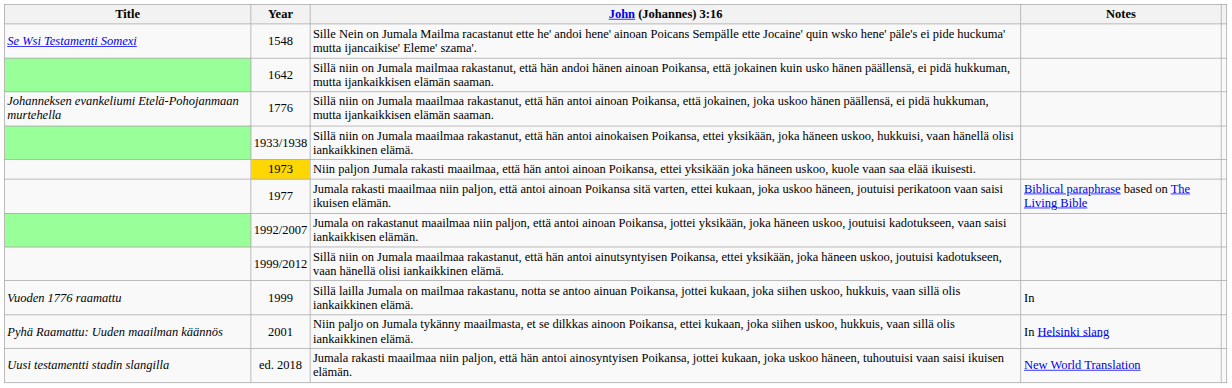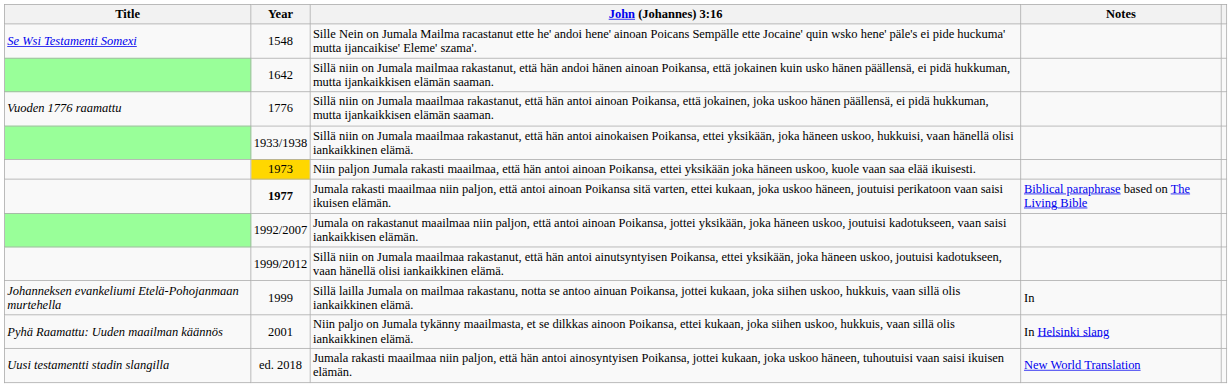 <table class="wikitable">
 <tr>
 <th>Title</th>
 <th align="center">Year</th>
 <th><a href='#'>John</a> (Johannes) 3:16</th>
 <th>Notes</th>
 <th></th>
 </tr>
 <tr>
 <td><em><a href='#'>Se Wsi Testamenti Somexi</a></em></td>
 <td align="center">1548</td>
 <td>Sille Nein on Jumala Mailma racastanut ette he' andoi hene' ainoan Poicans Sempälle ette Jocaine' quin wsko hene' päle's ei pide huckuma' mutta ijancaikise' Eleme' szama'.</td>
 <td></td>
 <td></td>
 </tr>
 <tr>
 <th style="background: #9F9"><em></em></th>
 <td align="center">1642</td>
 <td>Sillä niin on Jumala mailmaa rakastanut, että hän andoi hänen ainoan Poikansa, että jokainen kuin usko hänen päällensä, ei pidä hukkuman, mutta ijankaikkisen elämän saaman.</td>
 <td></td>
 <td></td>
 </tr>
 <tr>
-<td><em>Johanneksen evankeliumi Etelä-Pohojanmaan murtehella</em></td>
+<td><em>Vuoden 1776 raamattu</em></td>
 <td align="center">1776</td>
 <td>Sillä niin on Jumala maailmaa rakastanut, että hän antoi ainoan Poikansa, että jokainen, joka uskoo hänen päällensä, ei pidä hukkuman, mutta ijankaikkisen elämän saaman.</td>
 <td></td>
 <td></td>
 </tr>
 <tr>
 <th style="background: #9F9"><em></em></th>
 <td align="center">1933/1938</td>
 <td>Sillä niin on Jumala maailmaa rakastanut, että hän antoi ainokaisen Poikansa, ettei yksikään, joka häneen uskoo, hukkuisi, vaan hänellä olisi iankaikkinen elämä.</td>
 <td></td>
 <td></td>
 </tr>
 <tr>
 <td><em></em></td>
 <td align="center" style="background: gold;">1973</td>
 <td>Niin paljon Jumala rakasti maailmaa, että hän antoi ainoan Poikansa, ettei yksikään joka häneen uskoo, kuole vaan saa elää ikuisesti.</td>
 <td></td>
 <td></td>
 </tr>
 <tr>
 <td></td>
-<td align="center">1977</td>
+<td align="center"><strong>1977</strong></td>
 <td>Jumala rakasti maailmaa niin paljon, että antoi ainoan Poikansa sitä varten, ettei kukaan, joka uskoo häneen, joutuisi perikatoon vaan saisi ikuisen elämän.</td>
 <td><a href='#'>Biblical paraphrase</a> based on <a href='#'>The Living Bible</a></td>
 <td></td>
 </tr>
 <tr>
 <th style="background: #9F9"><em></em></th>
 <td align="center">1992/2007</td>
 <td>Jumala on rakastanut maailmaa niin paljon, että antoi ainoan Poikansa, jottei yksikään, joka häneen uskoo, joutuisi kadotukseen, vaan saisi iankaikkisen elämän.</td>
 <td></td>
 <td></td>
 </tr>
 <tr>
 <td><em></em></td>
 <td align="center">1999/2012</td>
 <td>Sillä niin on Jumala maailmaa rakastanut, että hän antoi ainutsyntyisen Poikansa, ettei yksikään, joka häneen uskoo, joutuisi kadotukseen, vaan hänellä olisi iankaikkinen elämä.</td>
 <td></td>
 <td></td>
 </tr>
 <tr>
-<td><em>Vuoden 1776 raamattu</em></td>
+<td><em>Johanneksen evankeliumi Etelä-Pohojanmaan murtehella</em></td>
 <td align="center">1999</td>
 <td>Sillä lailla Jumala on mailmaa rakastanu, notta se antoo ainuan Poikansa, jottei kukaan, joka siihen uskoo, hukkuis, vaan sillä olis iankaikkinen elämä.</td>
 <td>In </td>
 <td></td>
 </tr>
 <tr>
 <td><em>Pyhä Raamattu: Uuden maailman käännös</em></td>
 <td align="center">2001</td>
 <td>Niin paljo on Jumala tykänny maailmasta, et se dilkkas ainoon Poikansa, ettei kukaan, joka siihen uskoo, hukkuis, vaan sillä olis iankaikkinen elämä.</td>
 <td>In <a href='#'>Helsinki slang</a></td>
 <td></td>
 </tr>
 <tr>
 <td><em>Uusi testamentti stadin slangilla</em></td>
 <td align="center">ed. 2018</td>
 <td>Jumala rakasti maailmaa niin paljon, että hän antoi ainosyntyisen Poikansa, jottei kukaan, joka uskoo häneen, tuhoutuisi vaan saisi ikuisen elämän.</td>
 <td><a href='#'>New World Translation</a></td>
 <td></td>
 </tr>
 </table>
